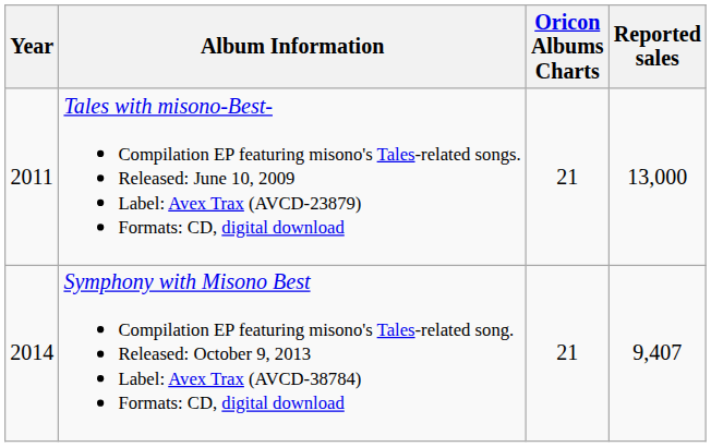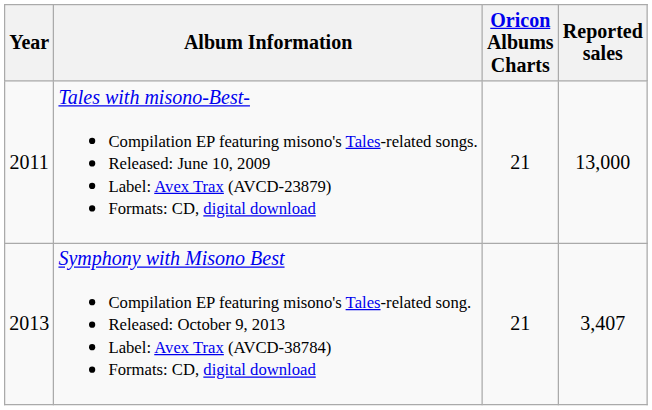 <table class="wikitable">
 <tr>
 <th rowspan="1">Year</th>
 <th rowspan="1">Album Information</th>
 <th colspan="1"><a href='#'>Oricon</a><br>Albums<br>Charts<br></th>
 <th colspan="1">Reported<br>sales<br></th>
 </tr>
 <tr>
 <td align="center">2011</td>
 <td><em><a href='#'>Tales with misono-Best-</a></em><br><ul><li><small>Compilation EP featuring misono's <a href='#'>Tales</a>-related songs.</small></li><li><small>Released: June 10, 2009</small></li><li><small>Label: <a href='#'>Avex Trax</a> (AVCD-23879)</small></li><li><small>Formats: CD, <a href='#'>digital download</a></small></li></ul></td>
 <td align="center">21</td>
 <td align="center">13,000</td>
 </tr>
 <tr>
-<td>2014</td>
+<td>2013</td>
 <td><em><a href='#'>Symphony with Misono Best</a></em><br><ul><li><small>Compilation EP featuring misono's <a href='#'>Tales</a>-related song.</small></li><li><small>Released: October 9, 2013</small></li><li><small>Label: <a href='#'>Avex Trax</a> (AVCD-38784)</small></li><li><small>Formats: CD, <a href='#'>digital download</a></small></li></ul></td>
 <td align="center">21</td>
-<td align="center">9,407</td>
+<td align="center">3,407</td>
 </tr>
 </table>
